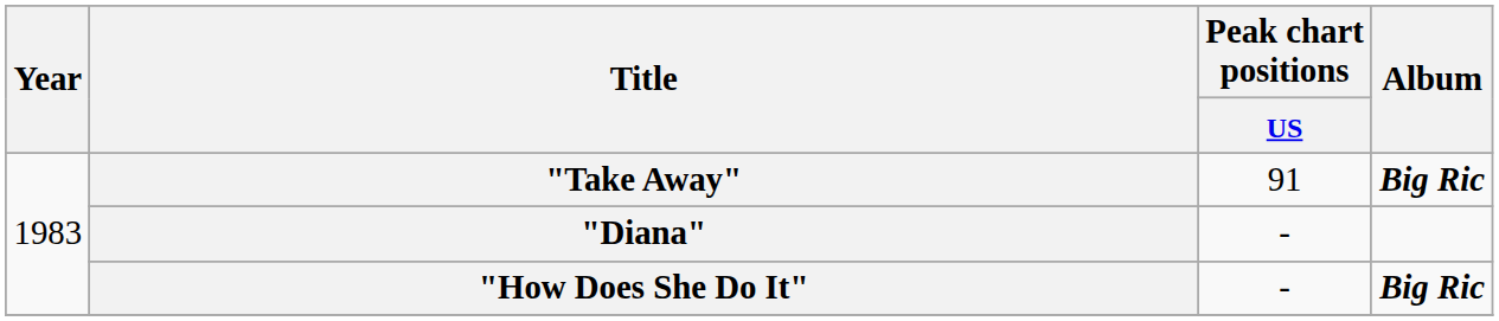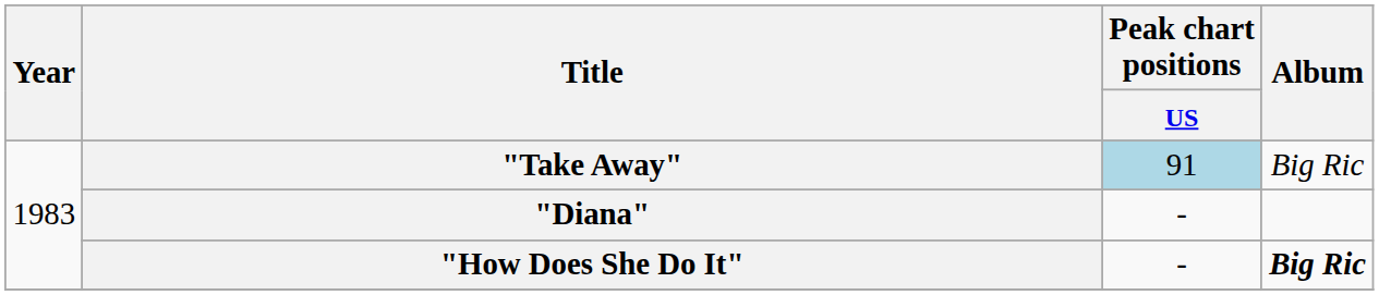 <table class="wikitable plainrowheaders" style="text-align:center;" border="1">
 <tr>
 <th scope="col" rowspan="2">Year</th>
 <th scope="col" rowspan="2" style="width:32em;">Title</th>
 <th scope="col" colspan="1">Peak chart<br>positions</th>
 <th scope="col" rowspan="2">Album</th>
 </tr>
 <tr>
 <th scope="col" style="text-align:center;"><small><a href='#'>US</a></small><br></th>
 </tr>
 <tr>
 <td rowspan="3">1983</td>
 <th scope="row">"Take Away"</th>
-<td style="text-align:center;">91</td>
-<td row span="2"><strong><em>Big Ric</em></strong></td>
+<td style="background: lightblue; text-align:center;">91</td>
+<td row span="2"><em>Big Ric</em></td>
 </tr>
 <tr>
 <th scope="row">"Diana"</th>
 <td style="text-align:center;">-</td>
 <td></td>
 </tr>
 <tr>
 <th scope="row">"How Does She Do It"</th>
 <td style="text-align:center;">-</td>
 <td row span="2"><strong><em>Big Ric</em></strong></td>
 </tr>
 <tr>
 </tr>
 </table>
